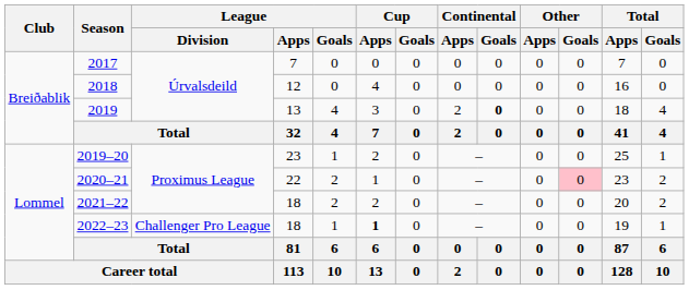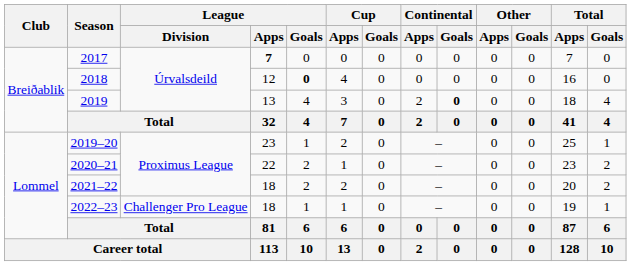 <table class="wikitable" style="text-align: center">
 <tr>
 <th rowspan="2">Club</th>
 <th rowspan="2">Season</th>
 <th colspan="3">League</th>
 <th colspan="2">Cup</th>
 <th colspan="2">Continental</th>
 <th colspan="2">Other</th>
 <th colspan="2">Total</th>
 </tr>
 <tr>
 <th>Division</th>
 <th>Apps</th>
 <th>Goals</th>
 <th>Apps</th>
 <th>Goals</th>
 <th>Apps</th>
 <th>Goals</th>
 <th>Apps</th>
 <th>Goals</th>
 <th>Apps</th>
 <th>Goals</th>
 </tr>
 <tr>
 <td rowspan="4"><a href='#'>Breiðablik</a></td>
 <td><a href='#'>2017</a></td>
 <td rowspan="3"><a href='#'>Úrvalsdeild</a></td>
-<td>7</td>
+<td><strong>7</strong></td>
 <td>0</td>
 <td>0</td>
 <td>0</td>
 <td>0</td>
 <td>0</td>
 <td>0</td>
 <td>0</td>
 <td>7</td>
 <td>0</td>
 </tr>
 <tr>
 <td><a href='#'>2018</a></td>
 <td>12</td>
-<td>0</td>
+<td><strong>0</strong></td>
 <td>4</td>
 <td>0</td>
 <td>0</td>
 <td>0</td>
 <td>0</td>
 <td>0</td>
 <td>16</td>
 <td>0</td>
 </tr>
 <tr>
 <td><a href='#'>2019</a></td>
 <td>13</td>
 <td>4</td>
 <td>3</td>
 <td>0</td>
 <td>2</td>
 <td><strong>0</strong></td>
 <td>0</td>
 <td>0</td>
 <td>18</td>
 <td>4</td>
 </tr>
 <tr>
 <th colspan="2"><strong>Total</strong></th>
 <th>32</th>
 <th>4</th>
 <th>7</th>
 <th>0</th>
 <th>2</th>
 <th>0</th>
 <th>0</th>
 <th>0</th>
 <th>41</th>
 <th>4</th>
 </tr>
 <tr>
 <td rowspan="5"><a href='#'>Lommel</a></td>
 <td><a href='#'>2019–20</a></td>
 <td rowspan="3"><a href='#'>Proximus League</a></td>
 <td>23</td>
 <td>1</td>
 <td>2</td>
 <td>0</td>
 <td colspan="2">–</td>
 <td>0</td>
 <td>0</td>
 <td>25</td>
 <td>1</td>
 </tr>
 <tr>
 <td><a href='#'>2020–21</a></td>
 <td>22</td>
 <td>2</td>
 <td>1</td>
 <td>0</td>
 <td colspan="2">–</td>
 <td>0</td>
-<td style="background: pink;">0</td>
+<td>0</td>
 <td>23</td>
 <td>2</td>
 </tr>
 <tr>
 <td><a href='#'>2021–22</a></td>
 <td>18</td>
 <td>2</td>
 <td>2</td>
 <td>0</td>
 <td colspan="2">–</td>
 <td>0</td>
 <td>0</td>
 <td>20</td>
 <td>2</td>
 </tr>
 <tr>
 <td><a href='#'>2022–23</a></td>
 <td><a href='#'>Challenger Pro League</a></td>
 <td>18</td>
 <td>1</td>
-<td><strong>1</strong></td>
+<td>1</td>
 <td>0</td>
 <td colspan="2">–</td>
 <td>0</td>
 <td>0</td>
 <td>19</td>
 <td>1</td>
 </tr>
 <tr>
 <th colspan="2"><strong>Total</strong></th>
 <th>81</th>
 <th>6</th>
 <th>6</th>
 <th>0</th>
 <th>0</th>
 <th>0</th>
 <th>0</th>
 <th>0</th>
 <th>87</th>
 <th>6</th>
 </tr>
 <tr>
 <th colspan="3"><strong>Career total</strong></th>
 <th>113</th>
 <th>10</th>
 <th>13</th>
 <th>0</th>
 <th>2</th>
 <th>0</th>
 <th>0</th>
 <th>0</th>
 <th>128</th>
 <th>10</th>
 </tr>
 </table>
